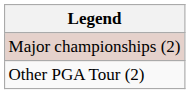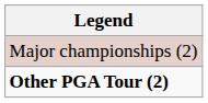 <table class="wikitable" style="font-size:95%;">
 <tr>
 <th>Legend</th>
 </tr>
 <tr style="background:#e5d1cb;">
 <td>Major championships (2)</td>
 </tr>
 <tr>
-<td>Other PGA Tour (2)</td>
+<td><strong>Other PGA Tour (2)</strong></td>
 </tr>
 </table>
